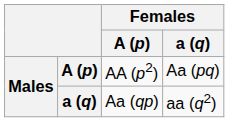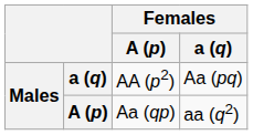 <table class="wikitable">
 <tr>
 <th colspan="2" rowspan="2"></th>
 <th colspan="2">Females</th>
 </tr>
 <tr>
 <th>A (<em>p</em>)</th>
 <th>a (<em>q</em>)</th>
 </tr>
 <tr>
 <th rowspan="2">Males</th>
-<th>A (<em>p</em>)</th>
+<th>a (<em>q</em>)</th>
 <td>AA (<em>p</em><sup>2</sup>)</td>
 <td>Aa (<em>pq</em>)</td>
 </tr>
 <tr>
-<th>a (<em>q</em>)</th>
+<th>A (<em>p</em>)</th>
 <td>Aa (<em>qp</em>)</td>
 <td>aa (<em>q</em><sup>2</sup>)</td>
 </tr>
 </table>
